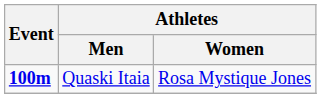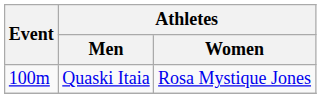 <table class=wikitable style="font-size:90%">
 <tr>
 <th rowspan=2>Event</th>
 <th colspan=2>Athletes</th>
 </tr>
 <tr>
 <th>Men</th>
 <th>Women</th>
 </tr>
 <tr>
-<td><strong><a href='#'>100m</a></strong></td>
+<td><a href='#'>100m</a></td>
 <td><a href='#'>Quaski Itaia</a></td>
 <td><a href='#'>Rosa Mystique Jones</a></td>
 </tr>
 <tr>
 </tr>
 </table>
